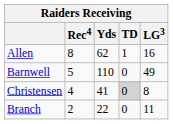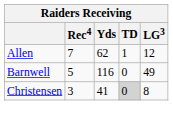 <table class="wikitable">
 <tr>
 <th colspan="5">Raiders Receiving</th>
 </tr>
 <tr>
 <th></th>
 <th>Rec<sup>4</sup></th>
 <th>Yds</th>
 <th>TD</th>
 <th>LG<sup>3</sup></th>
 </tr>
 <tr>
 <td><a href='#'>Allen</a></td>
-<td>8</td>
+<td>7</td>
 <td>62</td>
 <td>1</td>
-<td>16</td>
+<td>12</td>
 </tr>
 <tr>
 <td><a href='#'>Barnwell</a></td>
 <td>5</td>
-<td>110</td>
+<td>116</td>
 <td>0</td>
 <td>49</td>
 </tr>
 <tr>
 <td><a href='#'>Christensen</a></td>
-<td>4</td>
+<td>3</td>
 <td>41</td>
 <td style="background: lightgrey;">0</td>
 <td>8</td>
 </tr>
-<tr>
-<td><a href='#'>Branch</a></td>
-<td>2</td>
-<td>22</td>
-<td>0</td>
-<td>11</td>
-</tr>
 </table>
